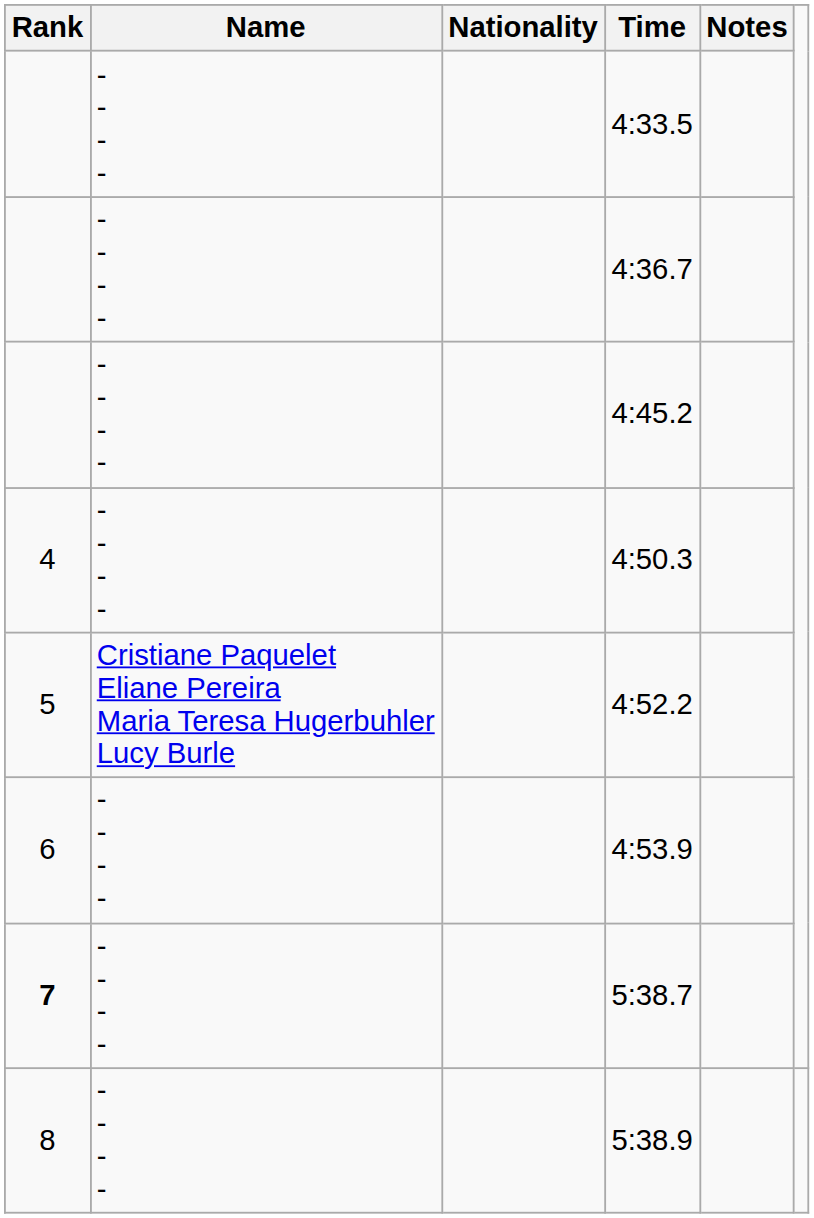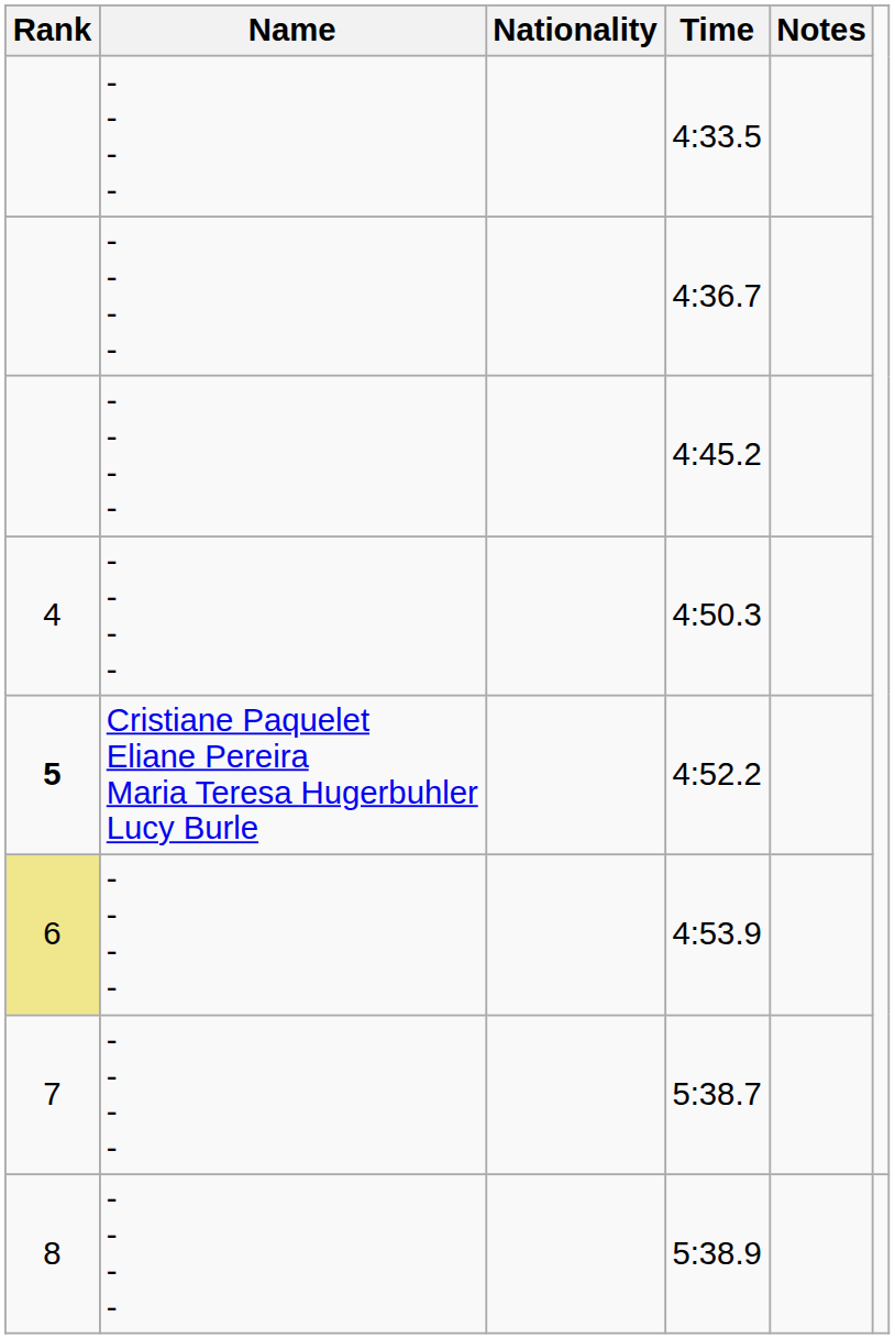 <table class="wikitable sortable" style="text-align:center">
 <tr>
 <th>Rank</th>
 <th>Name</th>
 <th>Nationality</th>
 <th>Time</th>
 <th>Notes</th>
 </tr>
 <tr>
 <td></td>
 <td align=left>- <br> - <br> - <br> -</td>
 <td align=left></td>
 <td>4:33.5</td>
 <td></td>
 </tr>
 <tr>
 <td></td>
 <td align=left>- <br> - <br> - <br> -</td>
 <td align=left></td>
 <td>4:36.7</td>
 <td></td>
 </tr>
 <tr>
 <td></td>
 <td align=left>- <br> - <br> - <br> -</td>
 <td align=left></td>
 <td>4:45.2</td>
 <td></td>
 </tr>
 <tr>
 <td>4</td>
 <td align=left>- <br> - <br> - <br> -</td>
 <td align=left></td>
 <td>4:50.3</td>
 <td></td>
 </tr>
 <tr>
-<td>5</td>
+<td><strong>5</strong></td>
 <td align=left><a href='#'>Cristiane Paquelet</a> <br> <a href='#'>Eliane Pereira</a> <br> <a href='#'>Maria Teresa Hugerbuhler</a> <br> <a href='#'>Lucy Burle</a></td>
 <td align=left></td>
 <td>4:52.2</td>
 <td></td>
 </tr>
 <tr>
-<td>6</td>
+<td style="background: khaki;">6</td>
 <td align=left>- <br> - <br> - <br> -</td>
 <td align=left></td>
 <td>4:53.9</td>
 <td></td>
 </tr>
 <tr>
-<td><strong>7</strong></td>
+<td>7</td>
 <td align=left>- <br> - <br> - <br> -</td>
 <td align=left></td>
 <td>5:38.7</td>
 <td></td>
 </tr>
 <tr>
 <td>8</td>
 <td align=left>- <br> - <br> - <br> -</td>
 <td align=left></td>
 <td>5:38.9</td>
 <td></td>
 <td></td>
 </tr>
 </table>
